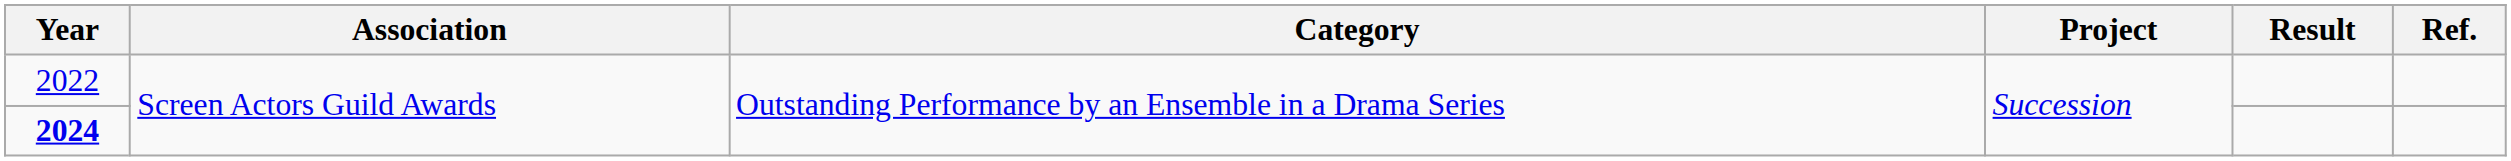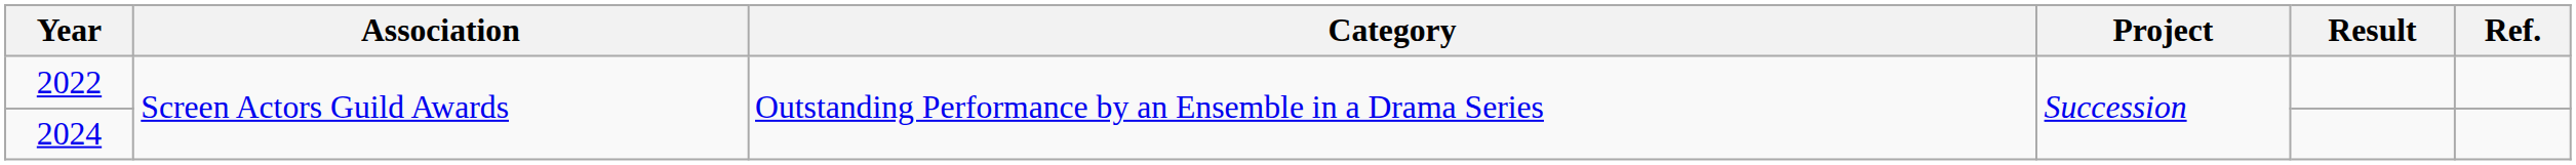 <table class="wikitable" width="100%">
 <tr>
 <th>Year</th>
 <th>Association</th>
 <th>Category</th>
 <th>Project</th>
 <th>Result</th>
 <th>Ref.</th>
 </tr>
 <tr>
 <td align="center"><a href='#'>2022</a></td>
 <td rowspan="2"><a href='#'>Screen Actors Guild Awards</a></td>
 <td rowspan="2"><a href='#'>Outstanding Performance by an Ensemble in a Drama Series</a></td>
 <td rowspan="2"><em><a href='#'>Succession</a></em></td>
 <td></td>
 <td align="center"></td>
 </tr>
 <tr>
-<td align="center"><strong><a href='#'>2024</a></strong></td>
+<td align="center"><a href='#'>2024</a></td>
 <td></td>
 <td align="center"></td>
 </tr>
 </table>
